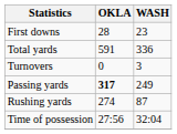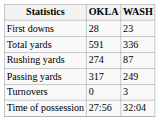 <table class="wikitable" style="float: left;">
 <tr>
 <th>Statistics</th>
 <th>OKLA</th>
 <th>WASH</th>
 </tr>
 <tr>
 <td>First downs</td>
 <td>28</td>
 <td>23</td>
 </tr>
 <tr>
 <td>Total yards</td>
 <td>591</td>
 <td>336</td>
 </tr>
 <tr>
+<td>Rushing yards</td>
+<td>274</td>
+<td>87</td>
+</tr>
+<tr>
+<td>Passing yards</td>
+<td>317</td>
+<td>249</td>
+</tr>
+<tr>
 <td>Turnovers</td>
 <td>0</td>
 <td>3</td>
-</tr>
-<tr>
-<td>Passing yards</td>
-<td><strong>317</strong></td>
-<td>249</td>
-</tr>
-<tr>
-<td>Rushing yards</td>
-<td>274</td>
-<td>87</td>
 </tr>
 <tr>
 <td>Time of possession</td>
 <td>27:56</td>
 <td>32:04</td>
 </tr>
 <tr>
 </tr>
 </table>
